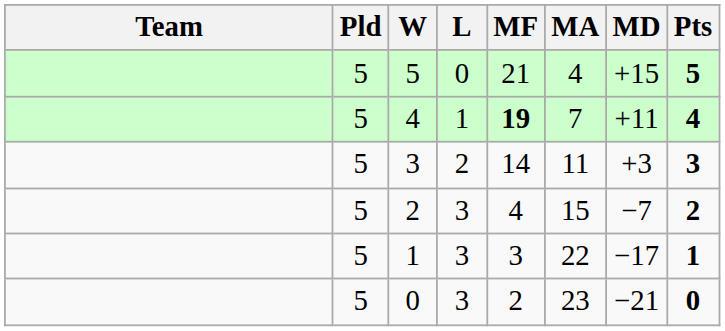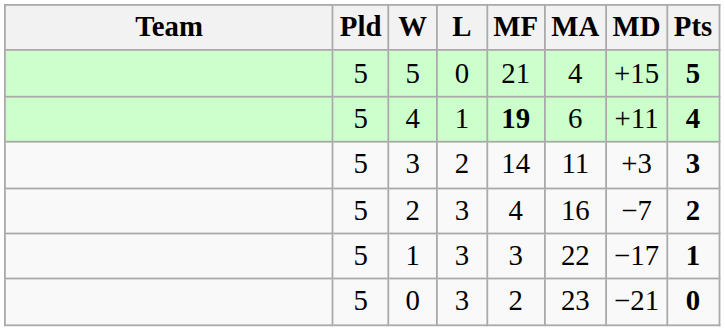 <table class="wikitable" style="text-align:center">
 <tr>
 <th width="175">Team</th>
 <th width="20">Pld</th>
 <th width="20">W</th>
 <th width="20">L</th>
 <th width="20">MF</th>
 <th width="20">MA</th>
 <th width="20">MD</th>
 <th width="20">Pts</th>
 </tr>
 <tr bgcolor="ccffcc">
 <td align="left"></td>
 <td>5</td>
 <td>5</td>
 <td>0</td>
 <td>21</td>
 <td>4</td>
 <td>+15</td>
 <td><strong>5</strong></td>
 </tr>
 <tr bgcolor="ccffcc">
 <td align="left"></td>
 <td>5</td>
 <td>4</td>
 <td>1</td>
 <td><strong>19</strong></td>
-<td>7</td>
+<td>6</td>
 <td>+11</td>
 <td><strong>4</strong></td>
 </tr>
 <tr>
 <td align="left"></td>
 <td>5</td>
 <td>3</td>
 <td>2</td>
 <td>14</td>
 <td>11</td>
 <td>+3</td>
 <td><strong>3</strong></td>
 </tr>
 <tr>
 <td align="left"></td>
 <td>5</td>
 <td>2</td>
 <td>3</td>
 <td>4</td>
-<td>15</td>
+<td>16</td>
 <td>−7</td>
 <td><strong>2</strong></td>
 </tr>
 <tr>
 <td align="left"></td>
 <td>5</td>
 <td>1</td>
 <td>3</td>
 <td>3</td>
 <td>22</td>
 <td>−17</td>
 <td><strong>1</strong></td>
 </tr>
 <tr>
 <td align="left"></td>
 <td>5</td>
 <td>0</td>
 <td>3</td>
 <td>2</td>
 <td>23</td>
 <td>−21</td>
 <td><strong>0</strong></td>
 </tr>
 </table>
